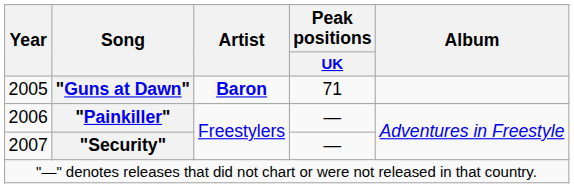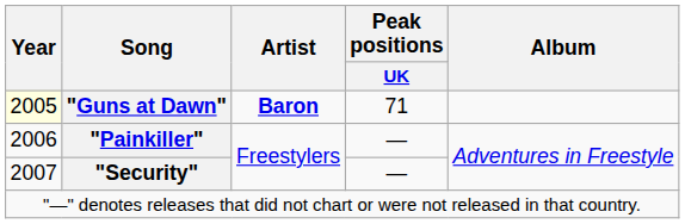 <table class="wikitable plainrowheaders" style="text-align:center;">
 <tr>
 <th scope="col" rowspan=2>Year</th>
 <th scope="col" rowspan=2>Song</th>
 <th scope="col" rowspan=2>Artist</th>
 <th scope="col">Peak positions</th>
 <th scope="col" rowspan=2>Album</th>
 </tr>
 <tr>
 <th scope="col" style="width:3em;font-size:85%;"><a href='#'>UK</a><br></th>
 </tr>
 <tr>
-<td>2005</td>
+<td style="background: lightyellow;">2005</td>
 <th scope="row">"<a href='#'>Guns at Dawn</a>"</th>
 <td><strong><a href='#'>Baron</a></strong></td>
 <td>71</td>
 <td></td>
 </tr>
 <tr>
 <td>2006</td>
 <th scope="row">"<a href='#'>Painkiller</a>"</th>
 <td rowspan="2"><a href='#'>Freestylers</a></td>
 <td>—</td>
 <td rowspan="2"><em><a href='#'>Adventures in Freestyle</a></em></td>
 </tr>
 <tr>
 <td>2007</td>
 <th scope="row">"Security"</th>
 <td>—</td>
 </tr>
 <tr>
 <td colspan="5" style="font-size:85%;">"—" denotes releases that did not chart or were not released in that country.</td>
 </tr>
 </table>
